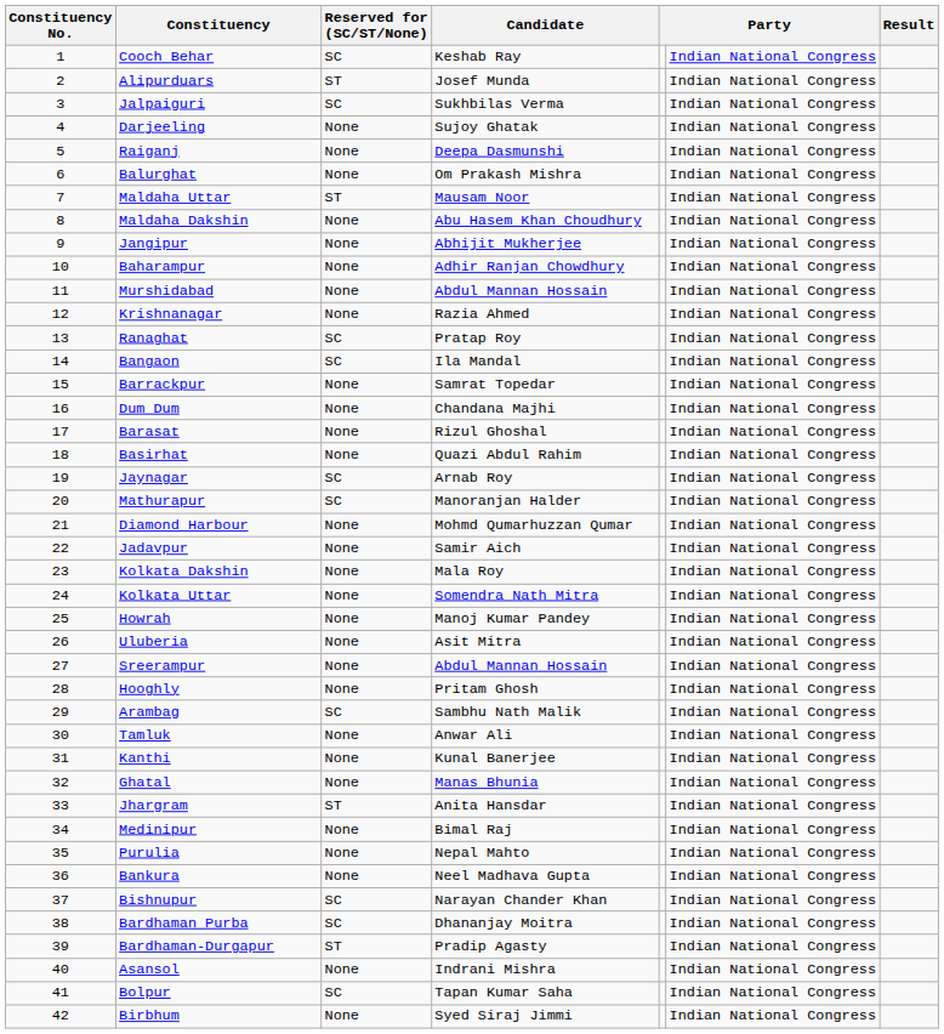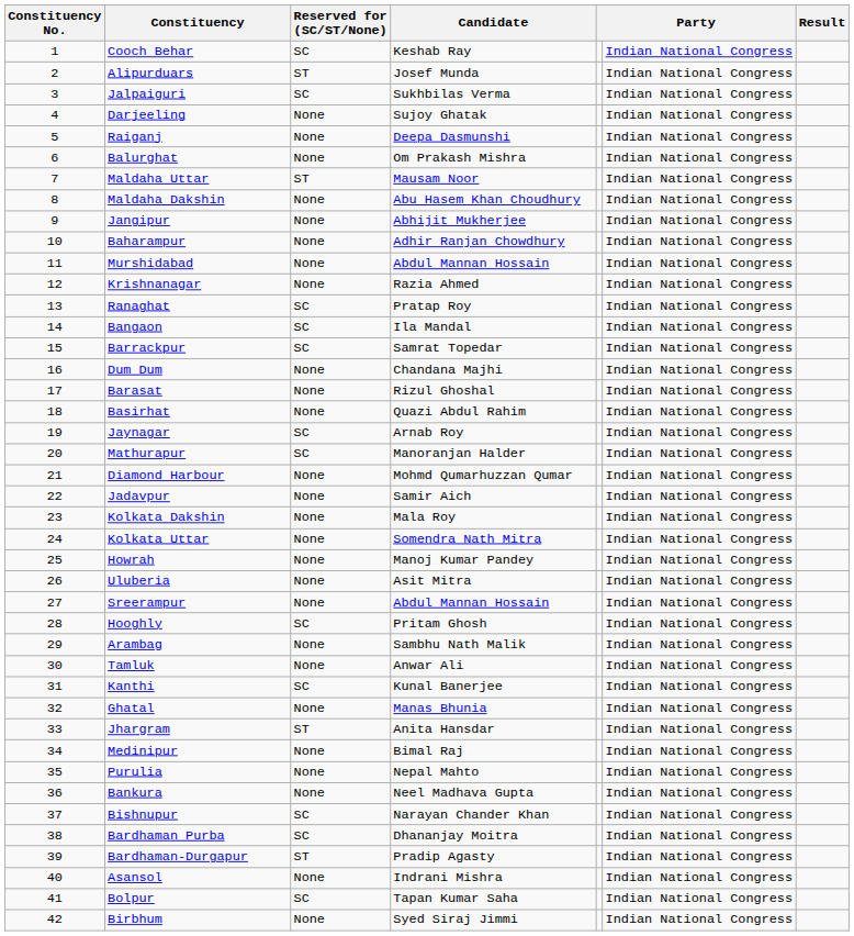 <table class= "wikitable sortable">
 <tr>
 <th>Constituency <br> No.</th>
 <th style="width:180px;">Constituency</th>
 <th>Reserved for<br>(SC/ST/None)</th>
 <th style="width:200px;">Candidate</th>
 <th colspan="2">Party</th>
 <th>Result</th>
 </tr>
 <tr>
 <td align="center">1</td>
 <td><a href='#'>Cooch Behar</a></td>
 <td>SC</td>
 <td>Keshab Ray</td>
 <td></td>
 <td><a href='#'>Indian National Congress</a></td>
 <td></td>
 </tr>
 <tr>
 <td align="center">2</td>
 <td><a href='#'>Alipurduars</a></td>
 <td>ST</td>
 <td>Josef Munda</td>
 <td></td>
 <td>Indian National Congress</td>
 <td></td>
 </tr>
 <tr>
 <td align="center">3</td>
 <td><a href='#'>Jalpaiguri</a></td>
 <td>SC</td>
 <td>Sukhbilas Verma</td>
 <td></td>
 <td>Indian National Congress</td>
 <td></td>
 </tr>
 <tr>
 <td align="center">4</td>
 <td><a href='#'>Darjeeling</a></td>
 <td>None</td>
 <td>Sujoy Ghatak</td>
 <td></td>
 <td>Indian National Congress</td>
 <td></td>
 </tr>
 <tr>
 <td align="center">5</td>
 <td><a href='#'>Raiganj</a></td>
 <td>None</td>
 <td><a href='#'>Deepa Dasmunshi</a></td>
 <td></td>
 <td>Indian National Congress</td>
 <td></td>
 </tr>
 <tr>
 <td align="center">6</td>
 <td><a href='#'>Balurghat</a></td>
 <td>None</td>
 <td>Om Prakash Mishra</td>
 <td></td>
 <td>Indian National Congress</td>
 <td></td>
 </tr>
 <tr>
 <td align="center">7</td>
 <td><a href='#'>Maldaha Uttar</a></td>
 <td>ST</td>
 <td><a href='#'>Mausam Noor</a></td>
 <td></td>
 <td>Indian National Congress</td>
 <td></td>
 </tr>
 <tr>
 <td align="center">8</td>
 <td><a href='#'>Maldaha Dakshin</a></td>
 <td>None</td>
 <td><a href='#'>Abu Hasem Khan Choudhury</a></td>
 <td></td>
 <td>Indian National Congress</td>
 <td></td>
 </tr>
 <tr>
 <td align="center">9</td>
 <td><a href='#'>Jangipur</a></td>
 <td>None</td>
 <td><a href='#'>Abhijit Mukherjee</a></td>
 <td></td>
 <td>Indian National Congress</td>
 <td></td>
 </tr>
 <tr>
 <td align="center">10</td>
 <td><a href='#'>Baharampur</a></td>
 <td>None</td>
 <td><a href='#'>Adhir Ranjan Chowdhury</a></td>
 <td></td>
 <td>Indian National Congress</td>
 <td></td>
 </tr>
 <tr>
 <td align="center">11</td>
 <td><a href='#'>Murshidabad</a></td>
 <td>None</td>
 <td><a href='#'>Abdul Mannan Hossain</a></td>
 <td></td>
 <td>Indian National Congress</td>
 <td></td>
 </tr>
 <tr>
 <td align="center">12</td>
 <td><a href='#'>Krishnanagar</a></td>
 <td>None</td>
 <td>Razia Ahmed</td>
 <td></td>
 <td>Indian National Congress</td>
 <td></td>
 </tr>
 <tr>
 <td align="center">13</td>
 <td><a href='#'>Ranaghat</a></td>
 <td>SC</td>
 <td>Pratap Roy</td>
 <td></td>
 <td>Indian National Congress</td>
 <td></td>
 </tr>
 <tr>
 <td align="center">14</td>
 <td><a href='#'>Bangaon</a></td>
 <td>SC</td>
 <td>Ila Mandal</td>
 <td></td>
 <td>Indian National Congress</td>
 <td></td>
 </tr>
 <tr>
 <td align="center">15</td>
 <td><a href='#'>Barrackpur</a></td>
-<td>None</td>
+<td>SC</td>
 <td>Samrat Topedar</td>
 <td></td>
 <td>Indian National Congress</td>
 <td></td>
 </tr>
 <tr>
 <td align="center">16</td>
 <td><a href='#'>Dum Dum</a></td>
 <td>None</td>
 <td>Chandana Majhi</td>
 <td></td>
 <td>Indian National Congress</td>
 <td></td>
 </tr>
 <tr>
 <td align="center">17</td>
 <td><a href='#'>Barasat</a></td>
 <td>None</td>
 <td>Rizul Ghoshal</td>
 <td></td>
 <td>Indian National Congress</td>
 <td></td>
 </tr>
 <tr>
 <td align="center">18</td>
 <td><a href='#'>Basirhat</a></td>
 <td>None</td>
 <td>Quazi Abdul Rahim</td>
 <td></td>
 <td>Indian National Congress</td>
 <td></td>
 </tr>
 <tr>
 <td align="center">19</td>
 <td><a href='#'>Jaynagar</a></td>
 <td>SC</td>
 <td>Arnab Roy</td>
 <td></td>
 <td>Indian National Congress</td>
 <td></td>
 </tr>
 <tr>
 <td align="center">20</td>
 <td><a href='#'>Mathurapur</a></td>
 <td>SC</td>
 <td>Manoranjan Halder</td>
 <td></td>
 <td>Indian National Congress</td>
 <td></td>
 </tr>
 <tr>
 <td align="center">21</td>
 <td><a href='#'>Diamond Harbour</a></td>
 <td>None</td>
 <td>Mohmd Qumarhuzzan Qumar</td>
 <td></td>
 <td>Indian National Congress</td>
 <td></td>
 </tr>
 <tr>
 <td align="center">22</td>
 <td><a href='#'>Jadavpur</a></td>
 <td>None</td>
 <td>Samir Aich</td>
 <td></td>
 <td>Indian National Congress</td>
 <td></td>
 </tr>
 <tr>
 <td align="center">23</td>
 <td><a href='#'>Kolkata Dakshin</a></td>
 <td>None</td>
 <td>Mala Roy</td>
 <td></td>
 <td>Indian National Congress</td>
 <td></td>
 </tr>
 <tr>
 <td align="center">24</td>
 <td><a href='#'>Kolkata Uttar</a></td>
 <td>None</td>
 <td><a href='#'>Somendra Nath Mitra</a></td>
 <td></td>
 <td>Indian National Congress</td>
 <td></td>
 </tr>
 <tr>
 <td align="center">25</td>
 <td><a href='#'>Howrah</a></td>
 <td>None</td>
 <td>Manoj Kumar Pandey</td>
 <td></td>
 <td>Indian National Congress</td>
 <td></td>
 </tr>
 <tr>
 <td align="center">26</td>
 <td><a href='#'>Uluberia</a></td>
 <td>None</td>
 <td>Asit Mitra</td>
 <td></td>
 <td>Indian National Congress</td>
 <td></td>
 </tr>
 <tr>
 <td align="center">27</td>
 <td><a href='#'>Sreerampur</a></td>
 <td>None</td>
 <td><a href='#'>Abdul Mannan Hossain</a></td>
 <td></td>
 <td>Indian National Congress</td>
 <td></td>
 </tr>
 <tr>
 <td align="center">28</td>
 <td><a href='#'>Hooghly</a></td>
-<td>None</td>
+<td>SC</td>
 <td>Pritam Ghosh</td>
 <td></td>
 <td>Indian National Congress</td>
 <td></td>
 </tr>
 <tr>
 <td align="center">29</td>
 <td><a href='#'>Arambag</a></td>
-<td>SC</td>
+<td>None</td>
 <td>Sambhu Nath Malik</td>
 <td></td>
 <td>Indian National Congress</td>
 <td></td>
 </tr>
 <tr>
 <td align="center">30</td>
 <td><a href='#'>Tamluk</a></td>
 <td>None</td>
 <td>Anwar Ali</td>
 <td></td>
 <td>Indian National Congress</td>
 <td></td>
 </tr>
 <tr>
 <td align="center">31</td>
 <td><a href='#'>Kanthi</a></td>
-<td>None</td>
+<td>SC</td>
 <td>Kunal Banerjee</td>
 <td></td>
 <td>Indian National Congress</td>
 <td></td>
 </tr>
 <tr>
 <td align="center">32</td>
 <td><a href='#'>Ghatal</a></td>
 <td>None</td>
 <td><a href='#'>Manas Bhunia</a></td>
 <td></td>
 <td>Indian National Congress</td>
 <td></td>
 </tr>
 <tr>
 <td align="center">33</td>
 <td><a href='#'>Jhargram</a></td>
 <td>ST</td>
 <td>Anita Hansdar</td>
 <td></td>
 <td>Indian National Congress</td>
 <td></td>
 </tr>
 <tr>
 <td align="center">34</td>
 <td><a href='#'>Medinipur</a></td>
 <td>None</td>
 <td>Bimal Raj</td>
 <td></td>
 <td>Indian National Congress</td>
 <td></td>
 </tr>
 <tr>
 <td align="center">35</td>
 <td><a href='#'>Purulia</a></td>
 <td>None</td>
 <td>Nepal Mahto</td>
 <td></td>
 <td>Indian National Congress</td>
 <td></td>
 </tr>
 <tr>
 <td align="center">36</td>
 <td><a href='#'>Bankura</a></td>
 <td>None</td>
 <td>Neel Madhava Gupta</td>
 <td></td>
 <td>Indian National Congress</td>
 <td></td>
 </tr>
 <tr>
 <td align="center">37</td>
 <td><a href='#'>Bishnupur</a></td>
 <td>SC</td>
 <td>Narayan Chander Khan</td>
 <td></td>
 <td>Indian National Congress</td>
 <td></td>
 </tr>
 <tr>
 <td align="center">38</td>
 <td><a href='#'>Bardhaman Purba</a></td>
 <td>SC</td>
 <td>Dhananjay Moitra</td>
 <td></td>
 <td>Indian National Congress</td>
 <td></td>
 </tr>
 <tr>
 <td align="center">39</td>
 <td><a href='#'>Bardhaman-Durgapur</a></td>
 <td>ST</td>
 <td>Pradip Agasty</td>
 <td></td>
 <td>Indian National Congress</td>
 <td></td>
 </tr>
 <tr>
 <td align="center">40</td>
 <td><a href='#'>Asansol</a></td>
 <td>None</td>
 <td>Indrani Mishra</td>
 <td></td>
 <td>Indian National Congress</td>
 <td></td>
 </tr>
 <tr>
 <td align="center">41</td>
 <td><a href='#'>Bolpur</a></td>
 <td>SC</td>
 <td>Tapan Kumar Saha</td>
 <td></td>
 <td>Indian National Congress</td>
 <td></td>
 </tr>
 <tr>
 <td align="center">42</td>
 <td><a href='#'>Birbhum</a></td>
 <td>None</td>
 <td>Syed Siraj Jimmi</td>
 <td></td>
 <td>Indian National Congress</td>
 <td></td>
 </tr>
 </table>
